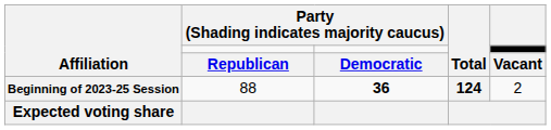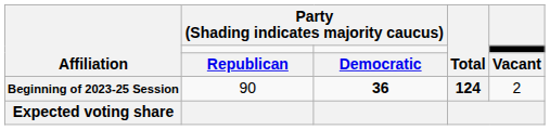 <table class=wikitable style="text-align:center">
 <tr style="vertical-align:bottom;">
 <th rowspan=3>Affiliation</th>
 <th colspan=2>Party <div>(Shading indicates majority caucus)</div></th>
 <th rowspan=3>Total</th>
 <th></th>
 </tr>
 <tr style="height:5px">
 <td style="background-color:"></td>
 <td style="background-color:"></td>
 <td style="background: black"></td>
 </tr>
 <tr>
 <th><a href='#'>Republican</a></th>
 <th><a href='#'>Democratic</a></th>
 <th>Vacant</th>
 </tr>
 <tr>
 <th nowrap style="font-size:80%">Beginning of 2023-25 Session</th>
-<td>88</td>
+<td>90</td>
 <td><strong>36</strong></td>
 <th>124</th>
 <td>2</td>
 </tr>
 <tr>
 <th nowrap style="font-size:80%:">Expected voting share</th>
 <th></th>
 <th></th>
 <th colspan=2></th>
 </tr>
 </table>
